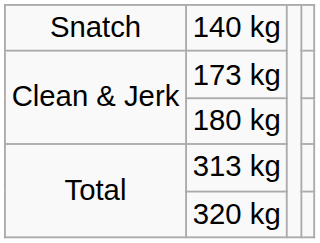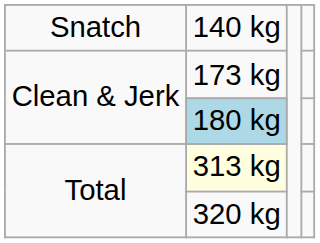 <table class = "wikitable" style="text-align:center;">
 <tr>
 <td>Snatch</td>
 <td>140 kg</td>
 <td rowspan=5 align=left></td>
 <td></td>
 </tr>
 <tr>
 <td rowspan=2>Clean & Jerk</td>
 <td>173 kg</td>
 <td></td>
 </tr>
 <tr>
-<td>180 kg</td>
+<td style="background: lightblue;">180 kg</td>
 <td></td>
 </tr>
 <tr>
 <td rowspan=2>Total</td>
-<td>313 kg</td>
+<td style="background: lightyellow;">313 kg</td>
 <td></td>
 </tr>
 <tr>
 <td>320 kg</td>
 <td></td>
 </tr>
 </table>
